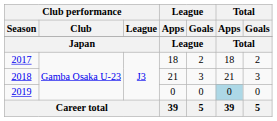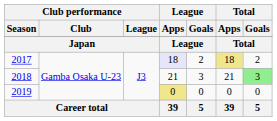 <table class="wikitable" style="text-align:center">
 <tr>
 <th colspan=3>Club performance</th>
 <th colspan=2>League</th>
 <th colspan=2>Total</th>
 </tr>
 <tr>
 <th>Season</th>
 <th>Club</th>
 <th>League</th>
 <th>Apps</th>
 <th>Goals</th>
 <th>Apps</th>
 <th>Goals</th>
 </tr>
 <tr>
 </tr>
 <tr>
 <th colspan=3>Japan</th>
 <th colspan=2>League</th>
 <th colspan=2>Total</th>
 </tr>
 <tr>
 <td><a href='#'>2017</a></td>
 <td rowspan=3><a href='#'>Gamba Osaka U-23</a></td>
 <td rowspan=3><a href='#'>J3</a></td>
-<td>18</td>
+<td style="background: lavender;">18</td>
 <td>2</td>
-<td>18</td>
+<td style="background: khaki;">18</td>
 <td>2</td>
 </tr>
 <tr>
 <td><a href='#'>2018</a></td>
 <td>21</td>
 <td>3</td>
 <td>21</td>
-<td>3</td>
+<td style="background: lightgreen;">3</td>
 </tr>
 <tr>
 <td><a href='#'>2019</a></td>
+<td style="background: khaki;">0</td>
 <td>0</td>
 <td>0</td>
-<td style="background: lightblue;">0</td>
 <td>0</td>
 </tr>
 <tr>
 <th colspan=3>Career total</th>
 <th>39</th>
 <th>5</th>
 <th>39</th>
 <th>5</th>
 </tr>
 </table>
